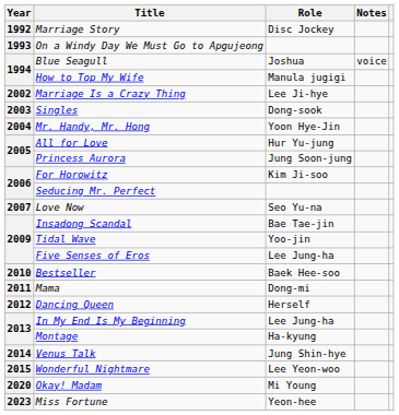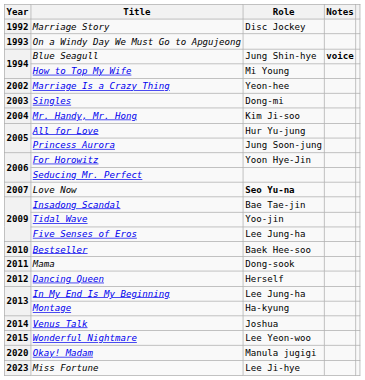 <table class="wikitable sortable plainrowheaders">
 <tr>
 <th scope="col">Year</th>
 <th scope="col">Title</th>
 <th scope="col">Role</th>
 <th scope="col" class="unsortable">Notes</th>
 <th scope="col" class="unsortable"></th>
 </tr>
 <tr>
 <th scope="row">1992</th>
 <td><em>Marriage Story</em></td>
 <td>Disc Jockey</td>
 <td></td>
 <td></td>
 </tr>
 <tr>
 <th scope="row">1993</th>
 <td><em>On a Windy Day We Must Go to Apgujeong</em></td>
 <td></td>
 <td></td>
 <td></td>
 </tr>
 <tr>
 <th scope="row"  rowspan=2>1994</th>
 <td><em>Blue Seagull</em></td>
-<td>Joshua</td>
-<td>voice</td>
+<td>Jung Shin-hye</td>
+<td><strong>voice</strong></td>
 <td></td>
 </tr>
 <tr>
 <td><em><a href='#'>How to Top My Wife</a></em></td>
-<td>Manula jugigi</td>
+<td>Mi Young</td>
 <td></td>
 <td></td>
 </tr>
 <tr>
 <th scope="row">2002</th>
 <td><em><a href='#'>Marriage Is a Crazy Thing</a></em></td>
-<td>Lee Ji-hye</td>
+<td>Yeon-hee</td>
 <td></td>
 <td></td>
 </tr>
 <tr>
 <th scope="row">2003</th>
 <td><em><a href='#'>Singles</a></em></td>
-<td>Dong-sook</td>
+<td>Dong-mi</td>
 <td></td>
 <td></td>
 </tr>
 <tr>
 <th scope="row">2004</th>
 <td><em><a href='#'>Mr. Handy, Mr. Hong</a></em></td>
-<td>Yoon Hye-Jin</td>
+<td>Kim Ji-soo</td>
 <td></td>
 <td></td>
 </tr>
 <tr>
 <th scope="row" rowspan=2>2005</th>
 <td><em><a href='#'>All for Love</a></em></td>
 <td>Hur Yu-jung</td>
 <td></td>
 <td></td>
 </tr>
 <tr>
 <td><em><a href='#'>Princess Aurora</a></em></td>
 <td>Jung Soon-jung</td>
 <td></td>
 <td></td>
 </tr>
 <tr>
 <th scope="row"  rowspan=2>2006</th>
 <td><em><a href='#'>For Horowitz</a></em></td>
-<td>Kim Ji-soo</td>
+<td>Yoon Hye-Jin</td>
 <td></td>
 <td></td>
 </tr>
 <tr>
 <td><em><a href='#'>Seducing Mr. Perfect</a></em></td>
 <td></td>
 <td></td>
 <td></td>
 </tr>
 <tr>
 <th scope="row">2007</th>
 <td><em>Love Now</em></td>
-<td>Seo Yu-na</td>
+<td><strong>Seo Yu-na</strong></td>
 <td></td>
 <td></td>
 </tr>
 <tr>
 <th scope="row" rowspan=3>2009</th>
 <td><em><a href='#'>Insadong Scandal</a></em></td>
 <td>Bae Tae-jin</td>
 <td></td>
 <td></td>
 </tr>
 <tr>
 <td><em><a href='#'>Tidal Wave</a></em></td>
 <td>Yoo-jin</td>
 <td></td>
 <td></td>
 </tr>
 <tr>
 <td><em><a href='#'>Five Senses of Eros</a></em></td>
 <td>Lee Jung-ha</td>
 <td></td>
 <td></td>
 </tr>
 <tr>
 <th scope="row">2010</th>
 <td><em><a href='#'>Bestseller</a></em></td>
 <td>Baek Hee-soo</td>
 <td></td>
 <td></td>
 </tr>
 <tr>
 <th scope="row">2011</th>
 <td><em>Mama</em></td>
-<td>Dong-mi</td>
+<td>Dong-sook</td>
 <td></td>
 <td></td>
 </tr>
 <tr>
 <th scope="row">2012</th>
 <td><em><a href='#'>Dancing Queen</a></em></td>
 <td>Herself</td>
 <td></td>
 <td></td>
 </tr>
 <tr>
 <th scope="row" rowspan=2>2013</th>
 <td><em><a href='#'>In My End Is My Beginning</a></em></td>
 <td>Lee Jung-ha</td>
 <td></td>
 <td></td>
 </tr>
 <tr>
 <td><em><a href='#'>Montage</a></em></td>
 <td>Ha-kyung</td>
 <td></td>
 <td></td>
 </tr>
 <tr>
 <th scope="row">2014</th>
 <td><em><a href='#'>Venus Talk</a></em></td>
-<td>Jung Shin-hye</td>
+<td>Joshua</td>
 <td></td>
 <td></td>
 </tr>
 <tr>
 <th scope="row">2015</th>
 <td><em><a href='#'>Wonderful Nightmare</a></em></td>
 <td>Lee Yeon-woo</td>
 <td></td>
 <td></td>
 </tr>
 <tr>
 <th scope="row">2020</th>
 <td><em><a href='#'>Okay! Madam</a></em></td>
-<td>Mi Young</td>
+<td>Manula jugigi</td>
 <td></td>
 <td></td>
 </tr>
 <tr>
 <th scope="row">2023</th>
 <td><em>Miss Fortune</em></td>
-<td>Yeon-hee</td>
+<td>Lee Ji-hye</td>
 <td></td>
 <td style="text-align:center"></td>
 </tr>
 </table>
